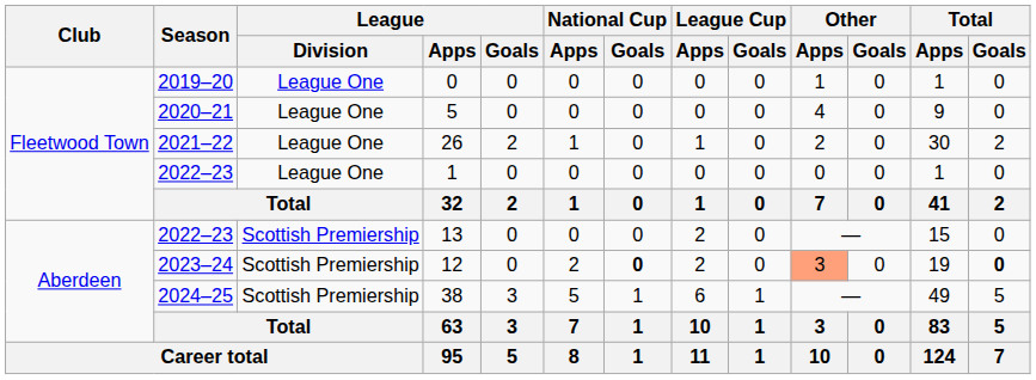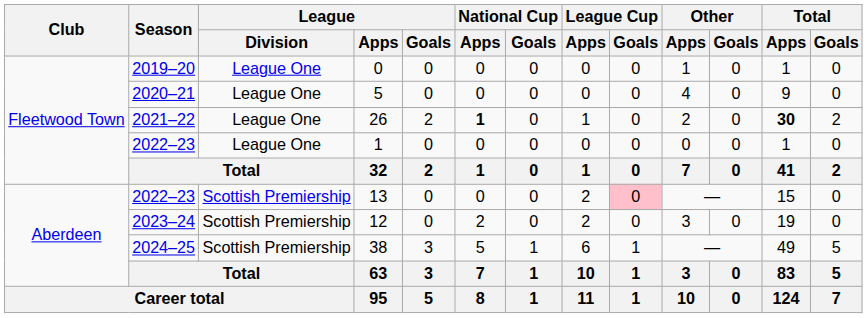 <table class="wikitable" style="text-align: center">
 <tr>
 <th rowspan="2">Club</th>
 <th rowspan="2">Season</th>
 <th colspan="3">League</th>
 <th colspan="2">National Cup</th>
 <th colspan="2">League Cup</th>
 <th colspan="2">Other</th>
 <th colspan="2">Total</th>
 </tr>
 <tr>
 <th>Division</th>
 <th>Apps</th>
 <th>Goals</th>
 <th>Apps</th>
 <th>Goals</th>
 <th>Apps</th>
 <th>Goals</th>
 <th>Apps</th>
 <th>Goals</th>
 <th>Apps</th>
 <th>Goals</th>
 </tr>
 <tr>
 <td rowspan="5"><a href='#'>Fleetwood Town</a></td>
 <td><a href='#'>2019–20</a></td>
 <td><a href='#'>League One</a></td>
 <td>0</td>
 <td>0</td>
 <td>0</td>
 <td>0</td>
 <td>0</td>
 <td>0</td>
 <td>1</td>
 <td>0</td>
 <td>1</td>
 <td>0</td>
 </tr>
 <tr>
 <td><a href='#'>2020–21</a></td>
 <td>League One</td>
 <td>5</td>
 <td>0</td>
 <td>0</td>
 <td>0</td>
 <td>0</td>
 <td>0</td>
 <td>4</td>
 <td>0</td>
 <td>9</td>
 <td>0</td>
 </tr>
 <tr>
 <td><a href='#'>2021–22</a></td>
 <td>League One</td>
 <td>26</td>
 <td>2</td>
-<td>1</td>
+<td><strong>1</strong></td>
 <td>0</td>
 <td>1</td>
 <td>0</td>
 <td>2</td>
 <td>0</td>
-<td>30</td>
+<td><strong>30</strong></td>
 <td>2</td>
 </tr>
 <tr>
 <td><a href='#'>2022–23</a></td>
 <td>League One</td>
 <td>1</td>
 <td>0</td>
 <td>0</td>
 <td>0</td>
 <td>0</td>
 <td>0</td>
 <td>0</td>
 <td>0</td>
 <td>1</td>
 <td>0</td>
 </tr>
 <tr>
 <th colspan="2">Total</th>
 <th>32</th>
 <th>2</th>
 <th>1</th>
 <th>0</th>
 <th>1</th>
 <th>0</th>
 <th>7</th>
 <th>0</th>
 <th>41</th>
 <th>2</th>
 </tr>
 <tr>
 <td rowspan="4"><a href='#'>Aberdeen</a></td>
 <td><a href='#'>2022–23</a></td>
 <td><a href='#'>Scottish Premiership</a></td>
 <td>13</td>
 <td>0</td>
 <td>0</td>
 <td>0</td>
 <td>2</td>
-<td>0</td>
+<td style="background: pink;">0</td>
 <td colspan="2">—</td>
 <td>15</td>
 <td>0</td>
 </tr>
 <tr>
 <td><a href='#'>2023–24</a></td>
 <td>Scottish Premiership</td>
 <td>12</td>
 <td>0</td>
 <td>2</td>
-<td><strong>0</strong></td>
+<td>0</td>
 <td>2</td>
 <td>0</td>
-<td style="background: lightsalmon;">3</td>
+<td>3</td>
 <td>0</td>
 <td>19</td>
-<td><strong>0</strong></td>
+<td>0</td>
 </tr>
 <tr>
 <td><a href='#'>2024–25</a></td>
 <td>Scottish Premiership</td>
 <td>38</td>
 <td>3</td>
 <td>5</td>
 <td>1</td>
 <td>6</td>
 <td>1</td>
 <td colspan="2">—</td>
 <td>49</td>
 <td>5</td>
 </tr>
 <tr>
 <th colspan="2">Total</th>
 <th>63</th>
 <th>3</th>
 <th>7</th>
 <th>1</th>
 <th>10</th>
 <th>1</th>
 <th>3</th>
 <th>0</th>
 <th>83</th>
 <th>5</th>
 </tr>
 <tr>
 <th colspan="3">Career total</th>
 <th>95</th>
 <th>5</th>
 <th>8</th>
 <th>1</th>
 <th>11</th>
 <th>1</th>
 <th>10</th>
 <th>0</th>
 <th>124</th>
 <th>7</th>
 </tr>
 </table>
